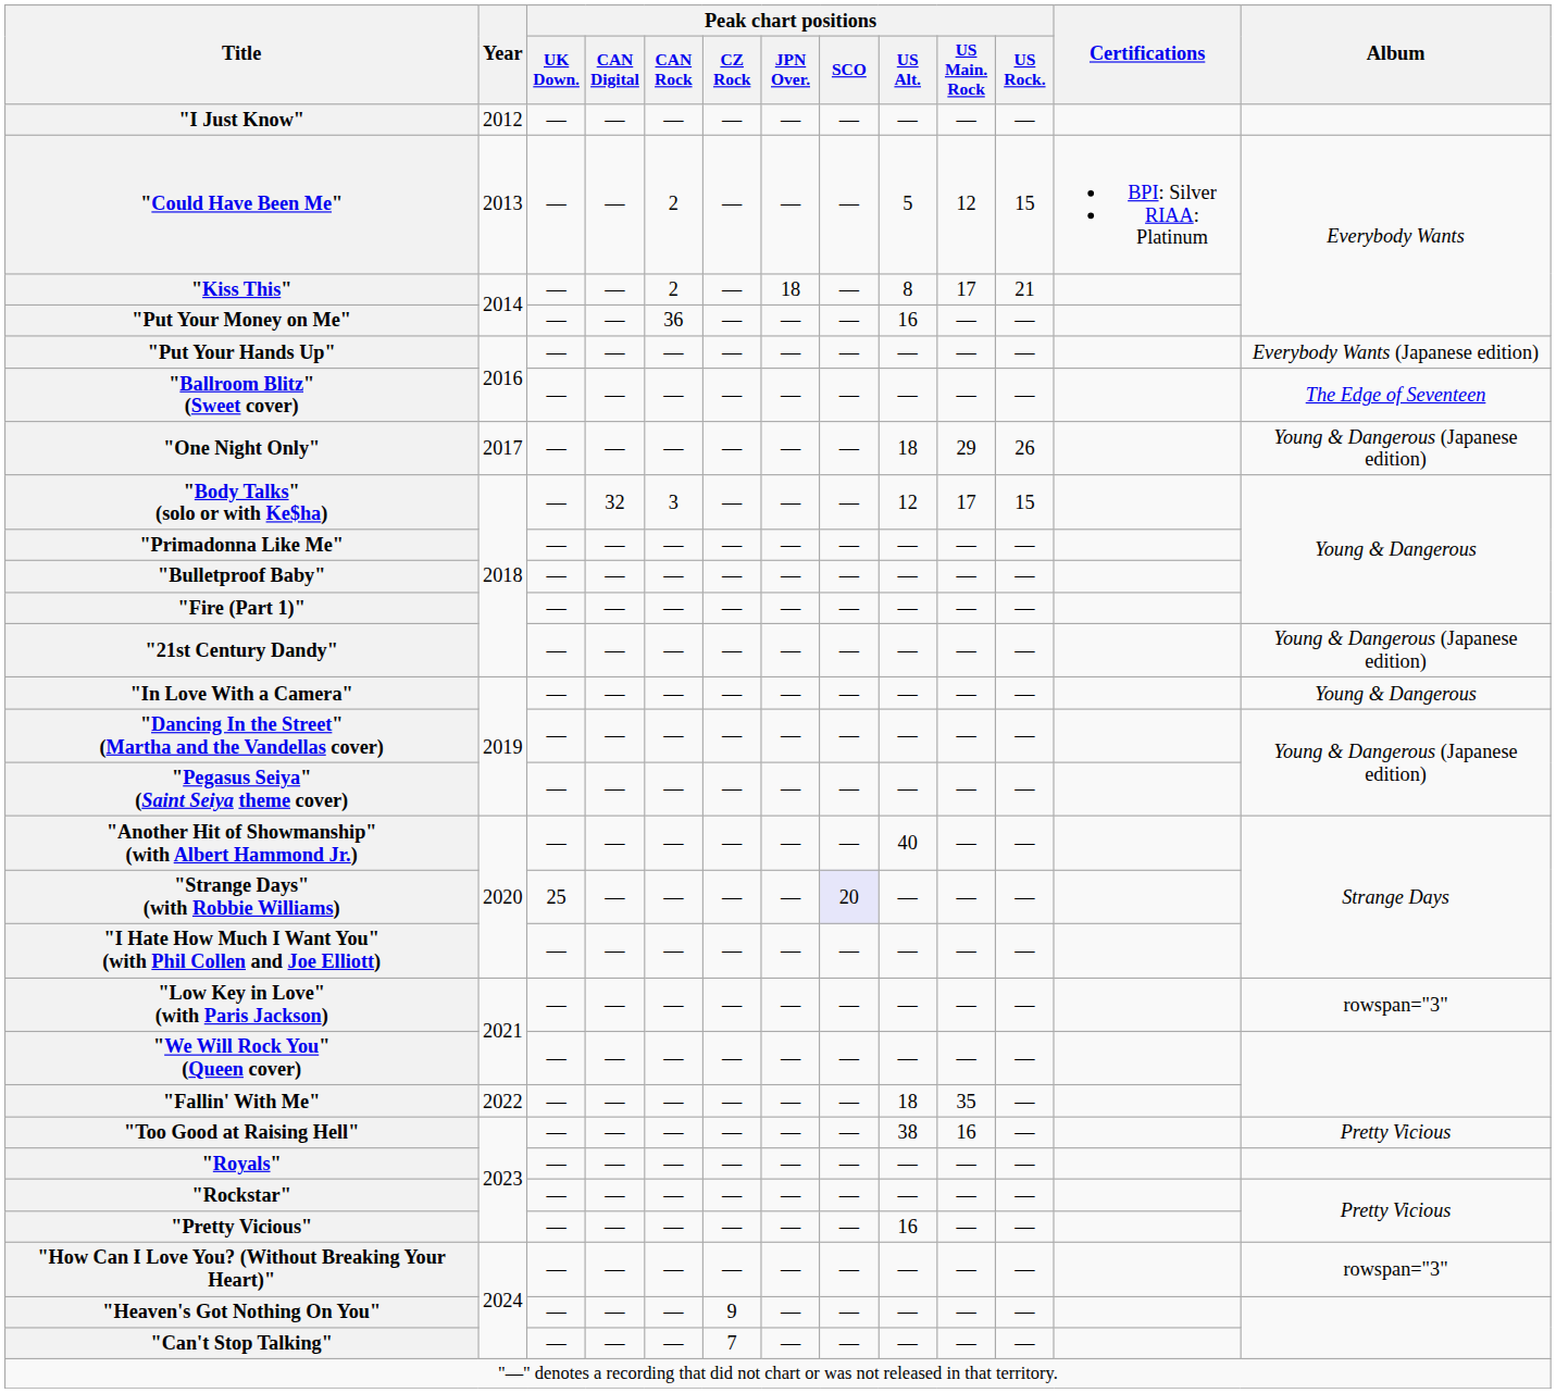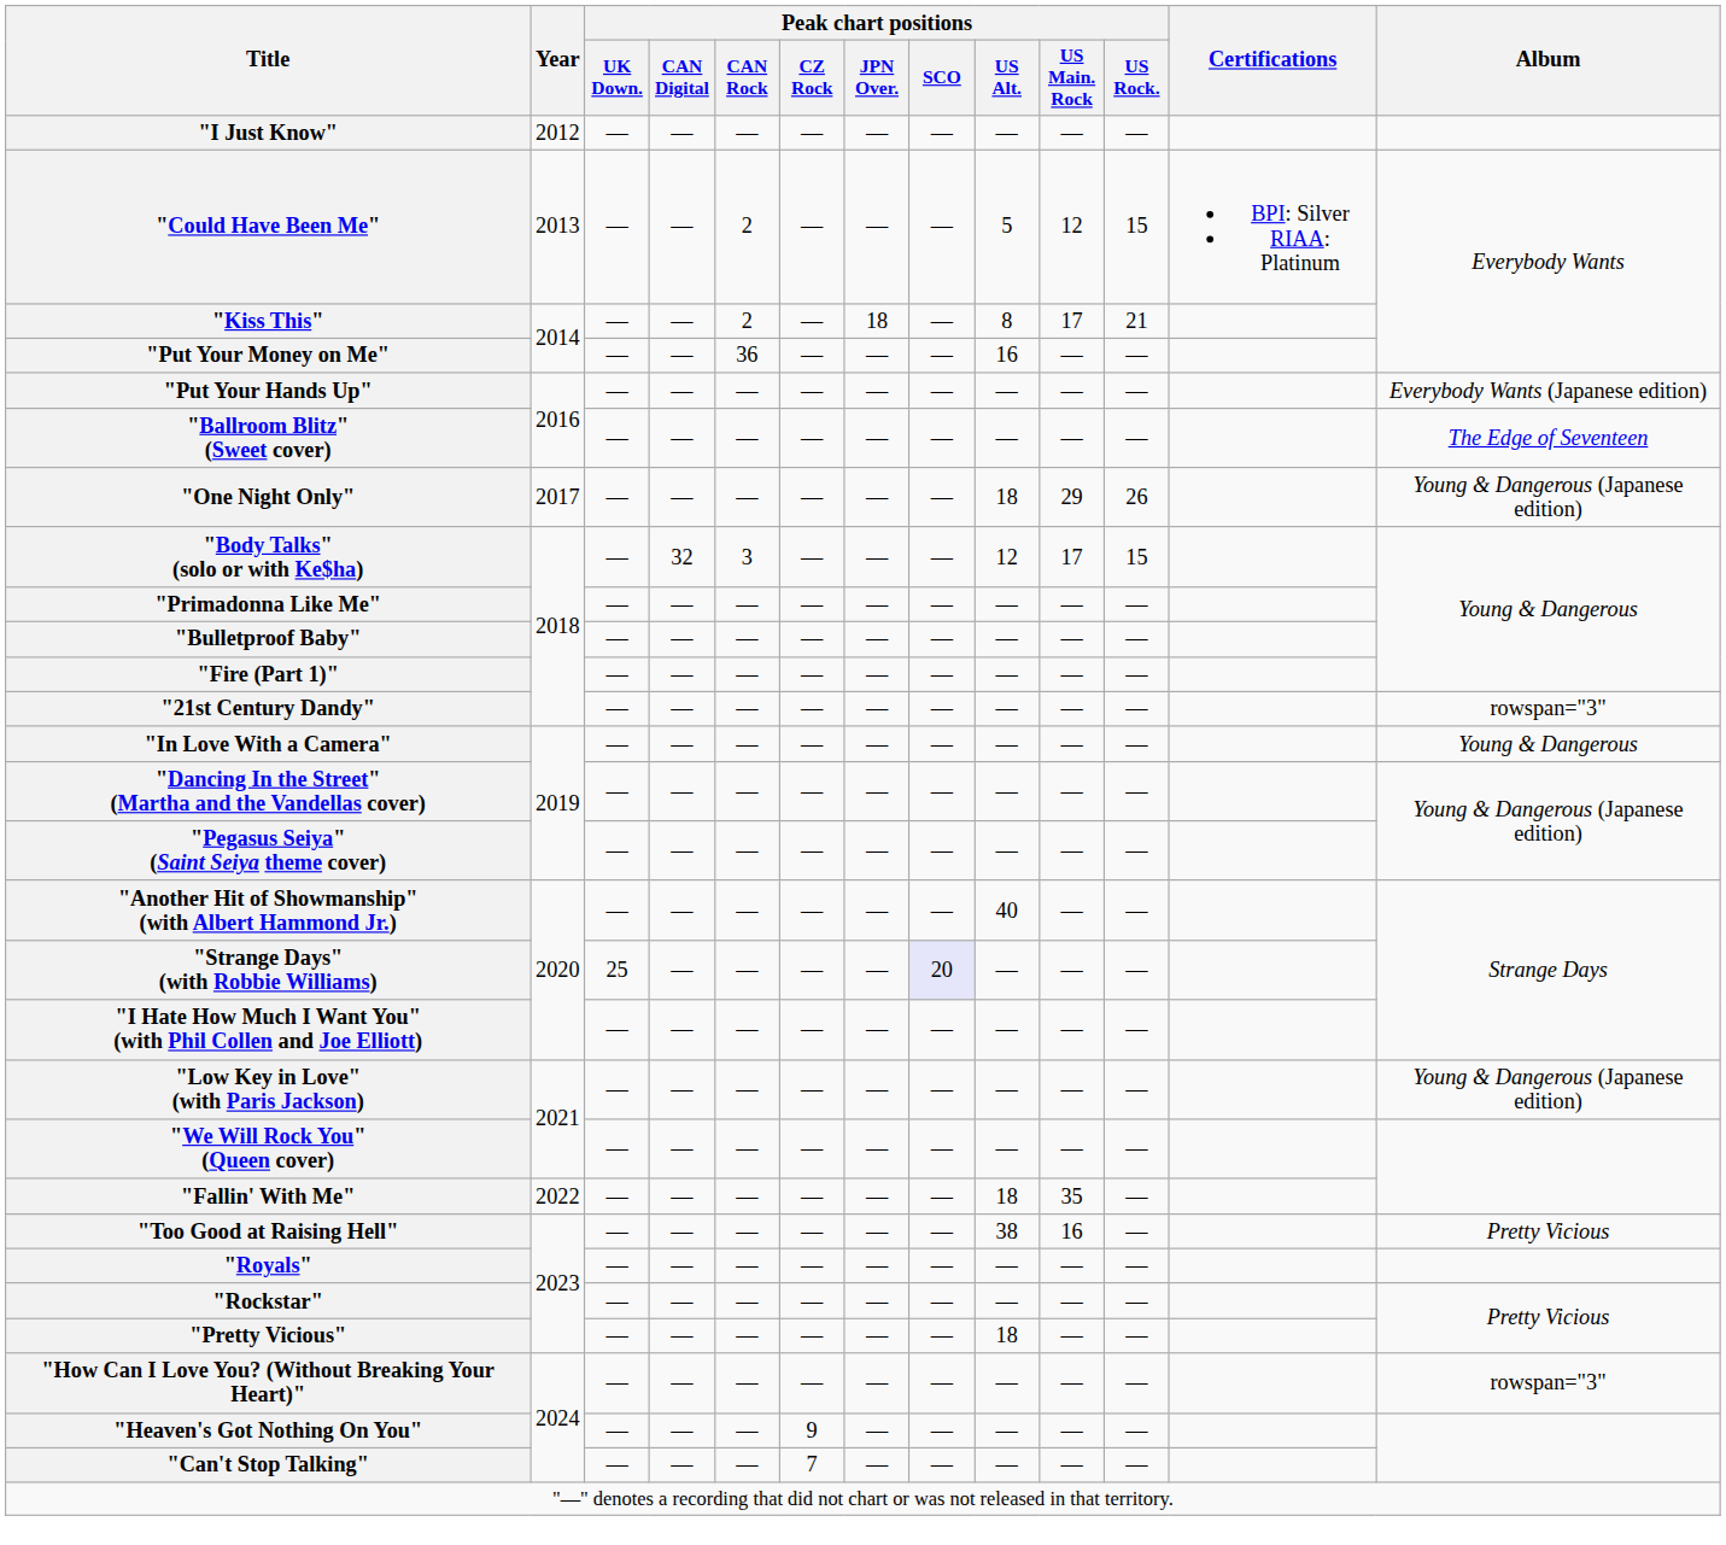 <table class="wikitable plainrowheaders" style="text-align:center;">
 <tr>
 <th scope="col" rowspan="2">Title</th>
 <th scope="col" rowspan="2">Year</th>
 <th scope="col" colspan="9">Peak chart positions</th>
 <th scope="col" rowspan="2"><a href='#'>Certifications</a></th>
 <th scope="col" rowspan="2">Album</th>
 </tr>
 <tr>
 <th scope="col" style="width:3em;font-size:85%;"><a href='#'>UK<br>Down.</a><br></th>
 <th scope="col" style="width:3em;font-size:85%;"><a href='#'>CAN<br>Digital</a><br></th>
 <th scope="col" style="width:3em;font-size:85%;"><a href='#'>CAN<br>Rock</a><br></th>
 <th scope="col" style="width:3em;font-size:85%;"><a href='#'>CZ<br>Rock</a><br></th>
 <th scope="col" style="width:3em;font-size:85%;"><a href='#'>JPN<br>Over.</a><br></th>
 <th scope="col" style="width:3em;font-size:85%;"><a href='#'>SCO</a><br></th>
 <th scope="col" style="width:3em;font-size:85%;"><a href='#'>US<br>Alt.</a><br></th>
 <th scope="col" style="width:3em;font-size:85%;"><a href='#'>US<br>Main.<br>Rock</a><br></th>
 <th scope="col" style="width:3em;font-size:85%;"><a href='#'>US<br>Rock.</a><br></th>
 </tr>
 <tr>
 <th scope="row">"I Just Know"</th>
 <td style="text-align:center;">2012</td>
 <td>—</td>
 <td>—</td>
 <td>—</td>
 <td>—</td>
 <td>—</td>
 <td>—</td>
 <td>—</td>
 <td>—</td>
 <td>—</td>
 <td></td>
 <td></td>
 </tr>
 <tr>
 <th scope="row">"<a href='#'>Could Have Been Me</a>"</th>
 <td>2013</td>
 <td>—</td>
 <td>—</td>
 <td>2</td>
 <td>—</td>
 <td>—</td>
 <td>—</td>
 <td>5</td>
 <td>12</td>
 <td>15</td>
 <td><br><ul><li><a href='#'>BPI</a>: Silver</li><li><a href='#'>RIAA</a>: Platinum</li></ul></td>
 <td rowspan="3" style="text-align:center;"><em>Everybody Wants</em></td>
 </tr>
 <tr>
 <th scope="row">"<a href='#'>Kiss This</a>"</th>
 <td rowspan="2" style="text-align:center;">2014</td>
 <td>—</td>
 <td>—</td>
 <td>2</td>
 <td>—</td>
 <td>18</td>
 <td>—</td>
 <td>8</td>
 <td>17</td>
 <td>21</td>
 <td></td>
 </tr>
 <tr>
 <th scope="row">"Put Your Money on Me"</th>
 <td>—</td>
 <td>—</td>
 <td>36</td>
 <td>—</td>
 <td>—</td>
 <td>—</td>
 <td>16</td>
 <td>—</td>
 <td>—</td>
 <td></td>
 </tr>
 <tr>
 <th scope="row">"Put Your Hands Up"</th>
 <td rowspan="2" style="text-align:center;">2016</td>
 <td>—</td>
 <td>—</td>
 <td>—</td>
 <td>—</td>
 <td>—</td>
 <td>—</td>
 <td>—</td>
 <td>—</td>
 <td>—</td>
 <td></td>
 <td><em>Everybody Wants</em> (Japanese edition)</td>
 </tr>
 <tr>
 <th scope="row">"<a href='#'>Ballroom Blitz</a>"<br><span>(<a href='#'>Sweet</a> cover)</span></th>
 <td>—</td>
 <td>—</td>
 <td>—</td>
 <td>—</td>
 <td>—</td>
 <td>—</td>
 <td>—</td>
 <td>—</td>
 <td>—</td>
 <td></td>
 <td><em><a href='#'>The Edge of Seventeen</a></em></td>
 </tr>
 <tr>
 <th scope="row">"One Night Only"</th>
 <td style="text-align:center;">2017</td>
 <td>—</td>
 <td>—</td>
 <td>—</td>
 <td>—</td>
 <td>—</td>
 <td>—</td>
 <td>18</td>
 <td>29</td>
 <td>26</td>
 <td></td>
 <td><em>Young & Dangerous</em> (Japanese edition)</td>
 </tr>
 <tr>
 <th scope="row">"<a href='#'>Body Talks</a>" <br><span>(solo or with <a href='#'>Ke$ha</a>)</span></th>
 <td rowspan="5" style="text-align:center;">2018</td>
 <td>—</td>
 <td>32</td>
 <td>3</td>
 <td>—</td>
 <td>—</td>
 <td>—</td>
 <td>12</td>
 <td>17</td>
 <td>15</td>
 <td></td>
 <td rowspan="4"><em>Young & Dangerous</em></td>
 </tr>
 <tr>
 <th scope="row">"Primadonna Like Me"</th>
 <td>—</td>
 <td>—</td>
 <td>—</td>
 <td>—</td>
 <td>—</td>
 <td>—</td>
 <td>—</td>
 <td>—</td>
 <td>—</td>
 <td></td>
 </tr>
 <tr>
 <th scope="row">"Bulletproof Baby"</th>
 <td>—</td>
 <td>—</td>
 <td>—</td>
 <td>—</td>
 <td>—</td>
 <td>—</td>
 <td>—</td>
 <td>—</td>
 <td>—</td>
 <td></td>
 </tr>
 <tr>
 <th scope="row">"Fire (Part 1)"</th>
 <td>—</td>
 <td>—</td>
 <td>—</td>
 <td>—</td>
 <td>—</td>
 <td>—</td>
 <td>—</td>
 <td>—</td>
 <td>—</td>
 <td></td>
 </tr>
 <tr>
 <th scope="row">"21st Century Dandy"</th>
 <td>—</td>
 <td>—</td>
 <td>—</td>
 <td>—</td>
 <td>—</td>
 <td>—</td>
 <td>—</td>
 <td>—</td>
 <td>—</td>
 <td></td>
-<td><em>Young & Dangerous</em> (Japanese edition)</td>
+<td>rowspan="3" </td>
 </tr>
 <tr>
 <th scope="row">"In Love With a Camera"</th>
 <td rowspan="3" style="text-align:center;">2019</td>
 <td>—</td>
 <td>—</td>
 <td>—</td>
 <td>—</td>
 <td>—</td>
 <td>—</td>
 <td>—</td>
 <td>—</td>
 <td>—</td>
 <td></td>
 <td><em>Young & Dangerous</em></td>
 </tr>
 <tr>
 <th scope="row">"<a href='#'>Dancing In the Street</a>"<br><span>(<a href='#'>Martha and the Vandellas</a> cover)</span></th>
 <td>—</td>
 <td>—</td>
 <td>—</td>
 <td>—</td>
 <td>—</td>
 <td>—</td>
 <td>—</td>
 <td>—</td>
 <td>—</td>
 <td></td>
 <td rowspan="2"><em>Young & Dangerous</em> (Japanese edition)</td>
 </tr>
 <tr>
 <th scope="row">"<a href='#'>Pegasus Seiya</a>"<br><span>(<em><a href='#'>Saint Seiya</a></em> <a href='#'>theme</a> cover)</span></th>
 <td>—</td>
 <td>—</td>
 <td>—</td>
 <td>—</td>
 <td>—</td>
 <td>—</td>
 <td>—</td>
 <td>—</td>
 <td>—</td>
 <td></td>
 </tr>
 <tr>
 <th scope="row">"Another Hit of Showmanship" <br><span>(with <a href='#'>Albert Hammond Jr.</a>)</span></th>
 <td rowspan="3">2020</td>
 <td>—</td>
 <td>—</td>
 <td>—</td>
 <td>—</td>
 <td>—</td>
 <td>—</td>
 <td>40</td>
 <td>—</td>
 <td>—</td>
 <td></td>
 <td rowspan="3"><em>Strange Days</em></td>
 </tr>
 <tr>
 <th scope="row">"Strange Days" <br><span>(with <a href='#'>Robbie Williams</a>)</span></th>
 <td>25</td>
 <td>—</td>
 <td>—</td>
 <td>—</td>
 <td>—</td>
 <td style="background: lavender;">20</td>
 <td>—</td>
 <td>—</td>
 <td>—</td>
 <td></td>
 </tr>
 <tr>
 <th scope="row">"I Hate How Much I Want You" <br><span>(with <a href='#'>Phil Collen</a> and <a href='#'>Joe Elliott</a>)</span></th>
 <td>—</td>
 <td>—</td>
 <td>—</td>
 <td>—</td>
 <td>—</td>
 <td>—</td>
 <td>—</td>
 <td>—</td>
 <td>—</td>
 <td></td>
 </tr>
 <tr>
 <th scope="row">"Low Key in Love" <br><span>(with <a href='#'>Paris Jackson</a>)</span></th>
 <td rowspan="2">2021</td>
 <td>—</td>
 <td>—</td>
 <td>—</td>
 <td>—</td>
 <td>—</td>
 <td>—</td>
 <td>—</td>
 <td>—</td>
 <td>—</td>
 <td></td>
-<td>rowspan="3" </td>
+<td><em>Young & Dangerous</em> (Japanese edition)</td>
 </tr>
 <tr>
 <th scope="row">"<a href='#'>We Will Rock You</a>" <br><span>(<a href='#'>Queen</a> cover)</span></th>
 <td>—</td>
 <td>—</td>
 <td>—</td>
 <td>—</td>
 <td>—</td>
 <td>—</td>
 <td>—</td>
 <td>—</td>
 <td>—</td>
 <td></td>
 </tr>
 <tr>
 <th scope="row">"Fallin' With Me" <br><span></span></th>
 <td>2022</td>
 <td>—</td>
 <td>—</td>
 <td>—</td>
 <td>—</td>
 <td>—</td>
 <td>—</td>
 <td>18</td>
 <td>35</td>
 <td>—</td>
 <td></td>
 </tr>
 <tr>
 <th scope="row">"Too Good at Raising Hell"</th>
 <td rowspan="4">2023</td>
 <td>—</td>
 <td>—</td>
 <td>—</td>
 <td>—</td>
 <td>—</td>
 <td>—</td>
 <td>38</td>
 <td>16</td>
 <td>—</td>
 <td></td>
 <td><em>Pretty Vicious</em></td>
 </tr>
 <tr>
 <th scope="row">"<a href='#'>Royals</a>"<br> </th>
 <td>—</td>
 <td>—</td>
 <td>—</td>
 <td>—</td>
 <td>—</td>
 <td>—</td>
 <td>—</td>
 <td>—</td>
 <td>—</td>
 <td></td>
 <td></td>
 </tr>
 <tr>
 <th scope="row">"Rockstar"</th>
 <td>—</td>
 <td>—</td>
 <td>—</td>
 <td>—</td>
 <td>—</td>
 <td>—</td>
 <td>—</td>
 <td>—</td>
 <td>—</td>
 <td></td>
 <td rowspan="2"><em>Pretty Vicious</em></td>
 </tr>
 <tr>
 <th scope="row">"Pretty Vicious"</th>
 <td>—</td>
 <td>—</td>
 <td>—</td>
 <td>—</td>
 <td>—</td>
 <td>—</td>
-<td>16</td>
+<td>18</td>
 <td>—</td>
 <td>—</td>
 <td></td>
 </tr>
 <tr>
 <th scope="row">"How Can I Love You? (Without Breaking Your Heart)"</th>
 <td rowspan="3">2024</td>
 <td>—</td>
 <td>—</td>
 <td>—</td>
 <td>—</td>
 <td>—</td>
 <td>—</td>
 <td>—</td>
 <td>—</td>
 <td>—</td>
 <td></td>
 <td>rowspan="3" </td>
 </tr>
 <tr>
 <th scope="row">"Heaven's Got Nothing On You"</th>
 <td>—</td>
 <td>—</td>
 <td>—</td>
 <td>9</td>
 <td>—</td>
 <td>—</td>
 <td>—</td>
 <td>—</td>
 <td>—</td>
 <td></td>
 </tr>
 <tr>
 <th scope="row">"Can't Stop Talking"</th>
 <td>—</td>
 <td>—</td>
 <td>—</td>
 <td>7</td>
 <td>—</td>
 <td>—</td>
 <td>—</td>
 <td>—</td>
 <td>—</td>
 <td></td>
 </tr>
 <tr>
 <td colspan="14" style="font-size:90%">"—" denotes a recording that did not chart or was not released in that territory.</td>
 </tr>
 </table>
